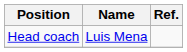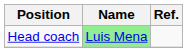 <table class="wikitable">
 <tr>
 <th>Position</th>
 <th>Name</th>
 <th>Ref.</th>
 </tr>
 <tr>
 <td><a href='#'>Head coach</a></td>
-<td> <a href='#'>Luis Mena</a></td>
+<td style="background: lightgreen;"> <a href='#'>Luis Mena</a></td>
 <td></td>
 </tr>
 <tr>
 </tr>
 </table>
